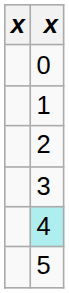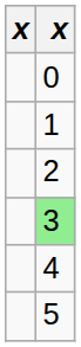 <table class=wikitable>
 <tr>
 <th><em>x</em></th>
 <th> <em>x</em></th>
 </tr>
 <tr>
 <td></td>
 <td>0</td>
 </tr>
 <tr>
 <td></td>
 <td>1</td>
 </tr>
 <tr>
 <td></td>
 <td>2</td>
 </tr>
 <tr>
 <td></td>
-<td>3</td>
+<td style="background: lightgreen;">3</td>
 </tr>
 <tr>
 <td></td>
-<td style="background: paleturquoise;">4</td>
+<td>4</td>
 </tr>
 <tr>
 <td></td>
 <td>5</td>
 </tr>
 </table>
